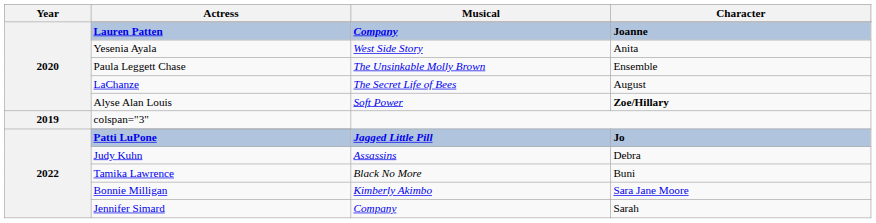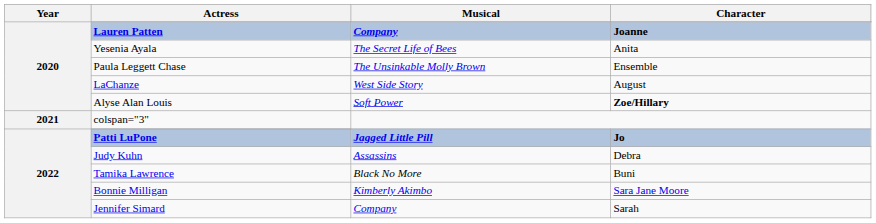 <table class="wikitable" style="width:98%;">
 <tr style="background:#bebebe;">
 <th style="width:10%;">Year</th>
 <th style="width:30%;">Actress</th>
 <th style="width:30%;">Musical</th>
 <th style="width:30%;">Character</th>
 </tr>
 <tr>
 <th rowspan="6">2020</th>
 </tr>
 <tr style="background:#B0C4DE">
 <td><strong><a href='#'>Lauren Patten</a></strong></td>
 <td><strong><em><a href='#'>Company</a></em></strong></td>
 <td><strong>Joanne</strong></td>
 </tr>
 <tr>
 <td>Yesenia Ayala</td>
-<td><em><a href='#'>West Side Story</a></em></td>
+<td><em><a href='#'>The Secret Life of Bees</a></em></td>
 <td>Anita</td>
 </tr>
 <tr>
 <td>Paula Leggett Chase</td>
 <td><em><a href='#'>The Unsinkable Molly Brown</a></em></td>
 <td>Ensemble</td>
 </tr>
 <tr>
 <td><a href='#'>LaChanze</a></td>
-<td><em><a href='#'>The Secret Life of Bees</a></em></td>
+<td><em><a href='#'>West Side Story</a></em></td>
 <td>August</td>
 </tr>
 <tr>
 <td>Alyse Alan Louis</td>
 <td><em><a href='#'>Soft Power</a></em></td>
 <td><strong>Zoe/Hillary</strong></td>
 </tr>
 <tr>
-<th>2019</th>
+<th>2021</th>
 <td>colspan="3" </td>
 </tr>
 <tr>
 <th rowspan="6">2022</th>
 </tr>
 <tr style="background:#B0C4DE">
 <td><strong><a href='#'>Patti LuPone</a></strong></td>
 <td><strong><em><a href='#'>Jagged Little Pill</a></em></strong></td>
 <td><strong>Jo</strong></td>
 </tr>
 <tr>
 <td><a href='#'>Judy Kuhn</a></td>
 <td><em><a href='#'>Assassins</a></em></td>
 <td>Debra</td>
 </tr>
 <tr>
 <td><a href='#'>Tamika Lawrence</a></td>
 <td><em>Black No More</em></td>
 <td>Buni</td>
 </tr>
 <tr>
 <td><a href='#'>Bonnie Milligan</a></td>
 <td><em><a href='#'>Kimberly Akimbo</a></em></td>
 <td><a href='#'>Sara Jane Moore</a></td>
 </tr>
 <tr>
 <td><a href='#'>Jennifer Simard</a></td>
 <td><em><a href='#'>Company</a></em></td>
 <td>Sarah</td>
 </tr>
 </table>
